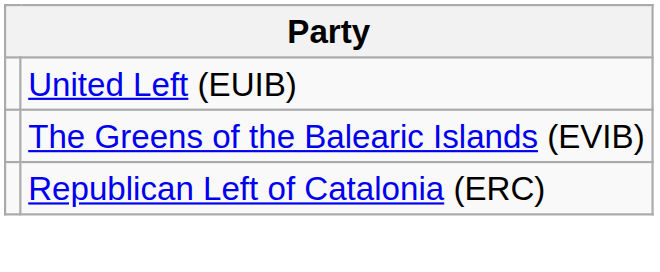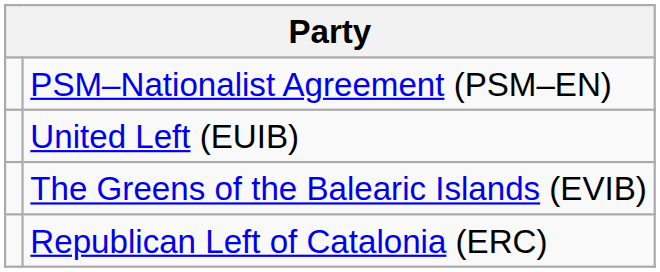 <table class="wikitable" style="text-align:left; font-size:95%;">
 <tr>
 <th colspan="2">Party</th>
+</tr>
+<tr>
+<td width="1"></td>
+<td><a href='#'>PSM–Nationalist Agreement</a> (PSM–EN)</td>
 </tr>
 <tr>
 <td></td>
 <td><a href='#'>United Left</a> (EUIB)</td>
 </tr>
 <tr>
 <td></td>
 <td><a href='#'>The Greens of the Balearic Islands</a> (EVIB)</td>
 </tr>
 <tr>
 <td></td>
 <td><a href='#'>Republican Left of Catalonia</a> (ERC)</td>
 </tr>
 </table>
